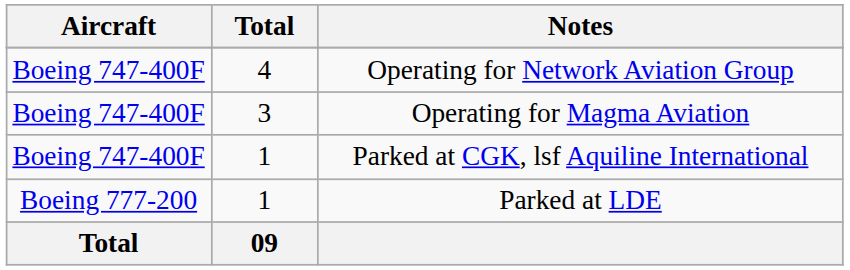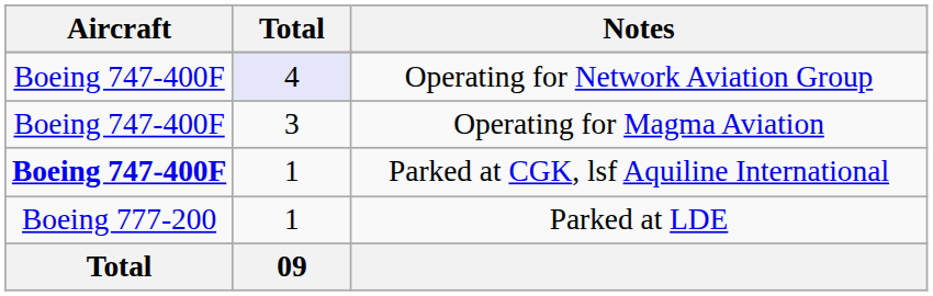 <table class="wikitable" style="margin:0.5em auto; text-align:center">
 <tr>
 <th><abbr>Aircraft</abbr></th>
 <th style="width:55px;"><abbr>Total</abbr></th>
 <th style="width:300px;">Notes</th>
 </tr>
 <tr>
 </tr>
 <tr>
 <td><a href='#'>Boeing 747-400F</a></td>
-<td>4</td>
+<td style="background: lavender;">4</td>
 <td>Operating for <a href='#'>Network Aviation Group</a></td>
 </tr>
 <tr>
 <td><a href='#'>Boeing 747-400F</a></td>
 <td>3</td>
 <td>Operating for <a href='#'>Magma Aviation</a></td>
 </tr>
 <tr>
-<td><a href='#'>Boeing 747-400F</a></td>
+<td><strong><a href='#'>Boeing 747-400F</a></strong></td>
 <td>1</td>
 <td>Parked at <a href='#'>CGK</a>, lsf <a href='#'>Aquiline International</a></td>
 </tr>
 <tr>
 <td><a href='#'>Boeing 777-200</a></td>
 <td>1</td>
 <td>Parked at <a href='#'>LDE</a></td>
 </tr>
 <tr>
 <th>Total</th>
 <th>09</th>
 <th></th>
 </tr>
 </table>
